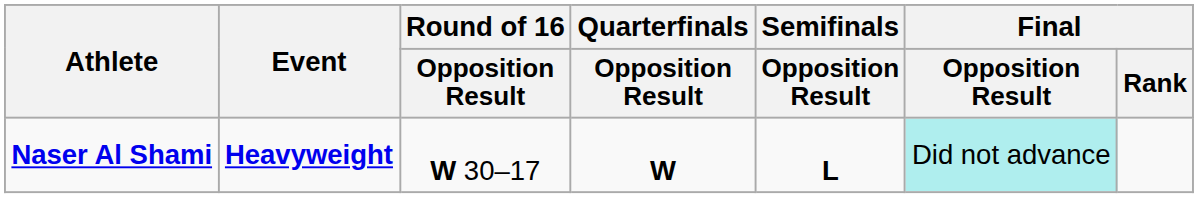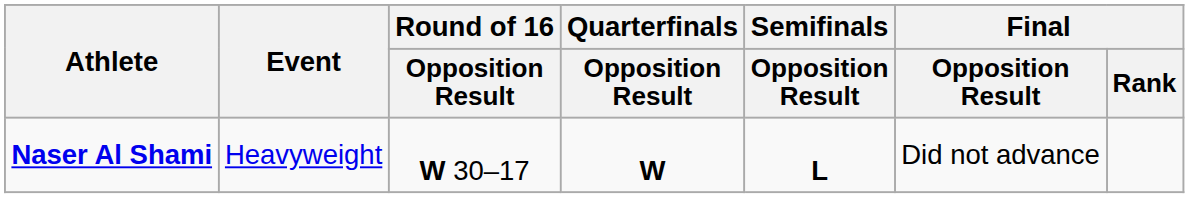 <table class="wikitable" style="font-size:90%">
 <tr>
 <th rowspan="2">Athlete</th>
 <th rowspan="2">Event</th>
 <th>Round of 16</th>
 <th>Quarterfinals</th>
 <th>Semifinals</th>
 <th colspan=2>Final</th>
 </tr>
 <tr style="font-size:95%">
 <th>Opposition<br>Result</th>
 <th>Opposition<br>Result</th>
 <th>Opposition<br>Result</th>
 <th>Opposition<br>Result</th>
 <th>Rank</th>
 </tr>
 <tr align=center>
 <td align=left><strong><a href='#'>Naser Al Shami</a></strong></td>
-<td align=left><strong><a href='#'>Heavyweight</a></strong></td>
+<td align=left><a href='#'>Heavyweight</a></td>
 <td><br><strong>W</strong> 30–17</td>
 <td><br><strong>W</strong> </td>
 <td><br><strong>L</strong> </td>
-<td style="background: paleturquoise;">Did not advance</td>
+<td>Did not advance</td>
 <td></td>
 </tr>
 </table>
